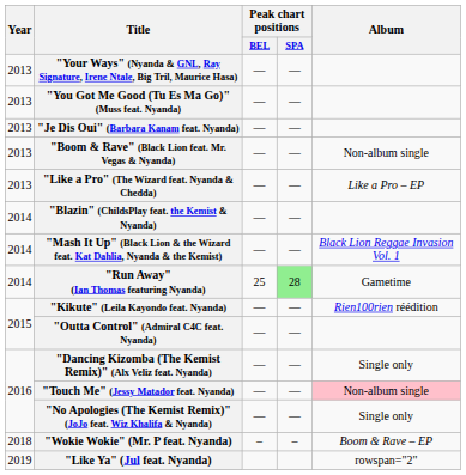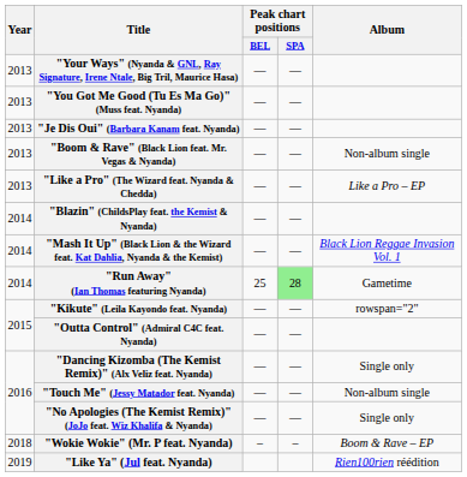 <table class="wikitable plainrowheaders" style="text-align:center;">
 <tr>
 <th scope="col" rowspan="2" style="width:1em;">Year</th>
 <th scope="col" rowspan="2" style="width:17em;">Title</th>
 <th scope="col" colspan="2">Peak chart positions</th>
 <th scope="col" rowspan="2" style="width:12em;">Album</th>
 </tr>
 <tr>
 <th scope="col" style="width:3em;font-size:85%;"><a href='#'>BEL</a><br></th>
 <th scope="col" style="width:3em;font-size:85%;"><a href='#'>SPA</a><br></th>
 </tr>
 <tr>
 <td>2013</td>
 <th scope="row">"Your Ways" <small>(Nyanda & <a href='#'>GNL</a>, <a href='#'>Ray Signature</a>, <a href='#'>Irene Ntale</a>, Big Tril, Maurice Hasa)</small></th>
 <td>—</td>
 <td>—</td>
 <td></td>
 </tr>
 <tr>
 <td>2013</td>
 <th scope="row">"You Got Me Good (Tu Es Ma Go)" <small>(Muss feat. Nyanda)</small></th>
 <td>—</td>
 <td>—</td>
 <td></td>
 </tr>
 <tr>
 <td>2013</td>
 <th scope="row">"Je Dis Oui" <small>(<a href='#'>Barbara Kanam</a> feat. Nyanda)</small></th>
 <td>—</td>
 <td>—</td>
 <td></td>
 </tr>
 <tr>
 <td>2013</td>
 <th scope="row">"Boom & Rave" <small>(Black Lion feat. Mr. Vegas & Nyanda)</small></th>
 <td>—</td>
 <td>—</td>
 <td>Non-album single</td>
 </tr>
 <tr>
 <td>2013</td>
 <th scope="row">"Like a Pro" <small>(The Wizard feat. Nyanda & Chedda)</small></th>
 <td>—</td>
 <td>—</td>
 <td><em>Like a Pro – EP</em></td>
 </tr>
 <tr>
 <td>2014</td>
 <th scope="row">"Blazin" <small>(ChildsPlay feat. <a href='#'>the Kemist</a> & Nyanda)</small></th>
 <td>—</td>
 <td>—</td>
 <td></td>
 </tr>
 <tr>
 <td>2014</td>
 <th scope="row">"Mash It Up"  <small>(Black Lion & the Wizard feat. <a href='#'>Kat Dahlia</a>, Nyanda & the Kemist)</small></th>
 <td>—</td>
 <td>—</td>
 <td><em><a href='#'>Black Lion Reggae Invasion Vol. 1</a></em></td>
 </tr>
 <tr>
 <td>2014</td>
 <th scope="row">"Run Away"<br><small>(<a href='#'>Ian Thomas</a> featuring Nyanda)</small></th>
 <td>25</td>
 <td style="background: lightgreen;">28</td>
 <td>Gametime</td>
 </tr>
 <tr>
 <td rowspan="2">2015</td>
 <th scope="row">"Kikute" <small>(Leila Kayondo feat. Nyanda)</small></th>
 <td>—</td>
 <td>—</td>
-<td><em><a href='#'>Rien100rien</a></em> réédition</td>
+<td>rowspan="2" </td>
 </tr>
 <tr>
 <th scope="row">"Outta Control" <small>(Admiral C4C feat. Nyanda)</small></th>
 <td>—</td>
 <td>—</td>
 </tr>
 <tr>
 <td rowspan="3">2016</td>
 <th scope="row">"Dancing Kizomba (The Kemist Remix)" <small>(Alx Veliz feat. Nyanda)</small></th>
 <td>—</td>
 <td>—</td>
 <td>Single only</td>
 </tr>
 <tr>
 <th scope="row">"Touch Me" <small>(<a href='#'>Jessy Matador</a> feat. Nyanda)</small></th>
 <td>—</td>
 <td>—</td>
-<td style="background: pink;">Non-album single</td>
+<td>Non-album single</td>
 </tr>
 <tr>
 <th scope="row">"No Apologies (The Kemist Remix)" <small>(<a href='#'>JoJo</a> feat. <a href='#'>Wiz Khalifa</a> & Nyanda)</small></th>
 <td>—</td>
 <td>—</td>
 <td>Single only</td>
 </tr>
 <tr>
 <td>2018</td>
 <th scope="row">"Wokie Wokie" (Mr. P feat. Nyanda)</th>
 <td>–</td>
 <td>–</td>
 <td><em>Boom & Rave – EP</em></td>
 </tr>
 <tr>
 <td>2019</td>
 <th scope="row">"Like Ya" (<a href='#'>Jul</a> feat. Nyanda)</th>
 <td></td>
 <td></td>
-<td>rowspan="2" </td>
+<td><em><a href='#'>Rien100rien</a></em> réédition</td>
 </tr>
 </table>
